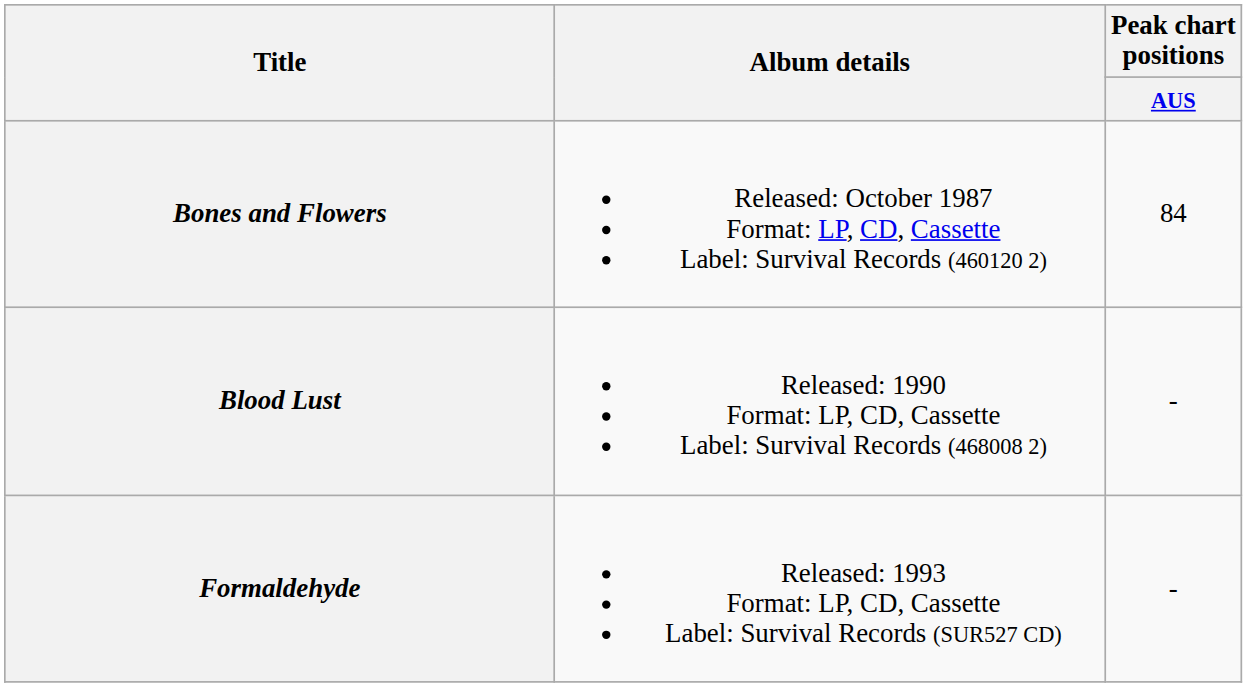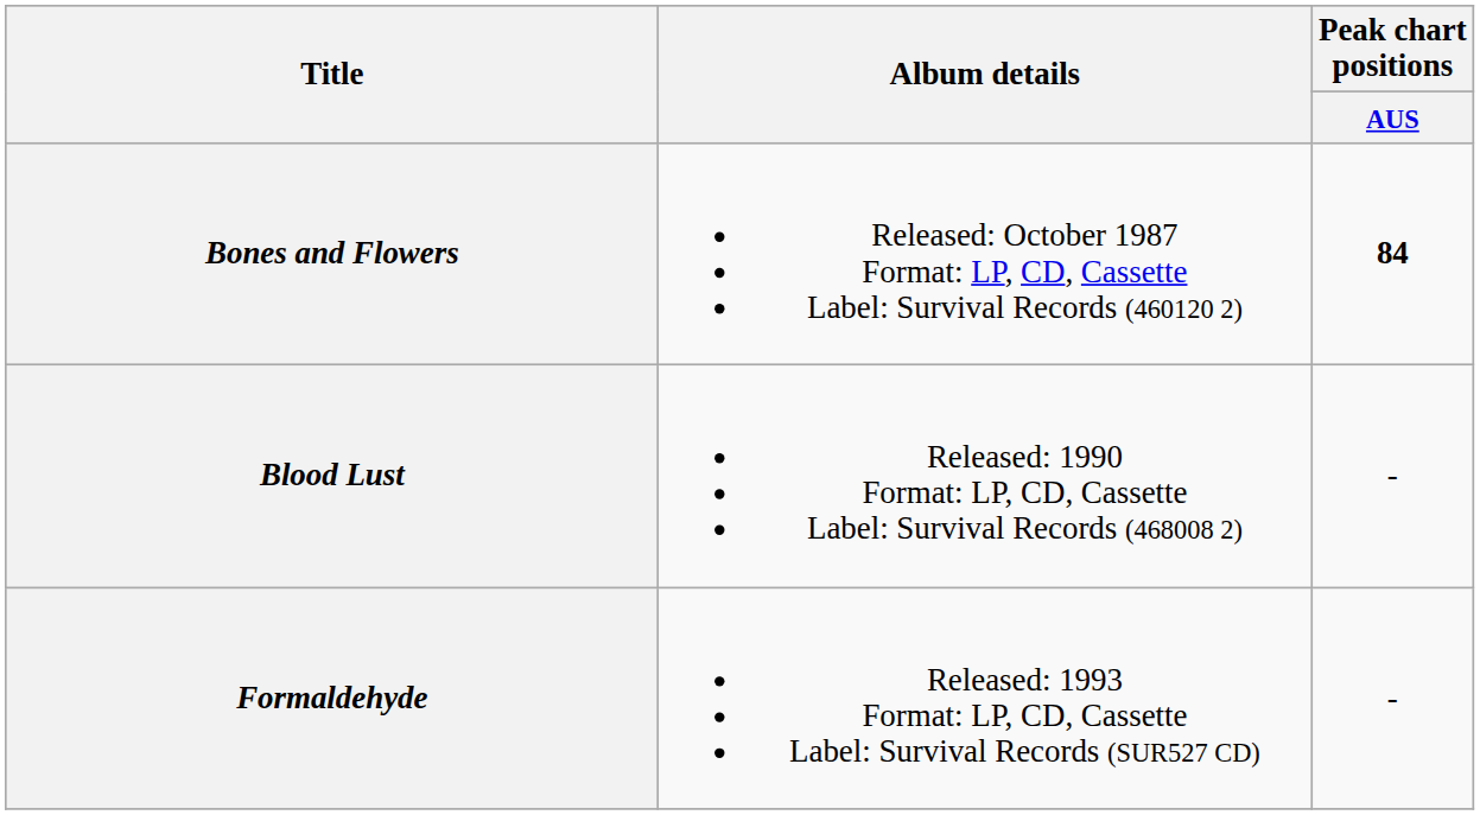 <table class="wikitable plainrowheaders" style="text-align:center;" border="1">
 <tr>
 <th scope="col" rowspan="2" style="width:20em;">Title</th>
 <th scope="col" rowspan="2" style="width:20em;">Album details</th>
 <th scope="col" colspan="1">Peak chart<br>positions</th>
 </tr>
 <tr>
 <th scope="col" style="text-align:center;"><small><a href='#'>AUS</a><br></small></th>
 </tr>
 <tr>
 <th scope="row"><em>Bones and Flowers</em></th>
 <td><br><ul><li>Released: October 1987</li><li>Format: <a href='#'>LP</a>, <a href='#'>CD</a>, <a href='#'>Cassette</a></li><li>Label: Survival Records <small>(460120 2)</small></li></ul></td>
-<td align="center">84</td>
+<td align="center"><strong>84</strong></td>
 </tr>
 <tr>
 <th scope="row"><em>Blood Lust</em></th>
 <td><br><ul><li>Released: 1990</li><li>Format: LP, CD, Cassette</li><li>Label: Survival Records <small>(468008 2)</small></li></ul></td>
 <td align="center">-</td>
 </tr>
 <tr>
 <th scope="row"><em>Formaldehyde</em></th>
 <td><br><ul><li>Released: 1993</li><li>Format: LP, CD, Cassette</li><li>Label: Survival Records <small>(SUR527 CD)</small></li></ul></td>
 <td align="center">-</td>
 </tr>
 </table>
